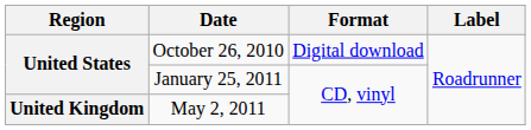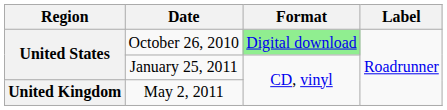 <table class="wikitable plainrowheaders" style="text-align:center;">
 <tr>
 <th scope="col">Region</th>
 <th scope="col">Date</th>
 <th scope="col">Format</th>
 <th scope="col">Label</th>
 </tr>
 <tr>
 <th scope="row" rowspan="2">United States</th>
 <td>October 26, 2010</td>
-<td><a href='#'>Digital download</a></td>
+<td style="background: lightgreen;"><a href='#'>Digital download</a></td>
 <td rowspan="3"><a href='#'>Roadrunner</a></td>
 </tr>
 <tr>
 <td>January 25, 2011</td>
 <td rowspan="2"><a href='#'>CD</a>, <a href='#'>vinyl</a></td>
 </tr>
 <tr>
 <th scope="row">United Kingdom</th>
 <td>May 2, 2011</td>
 </tr>
 </table>
